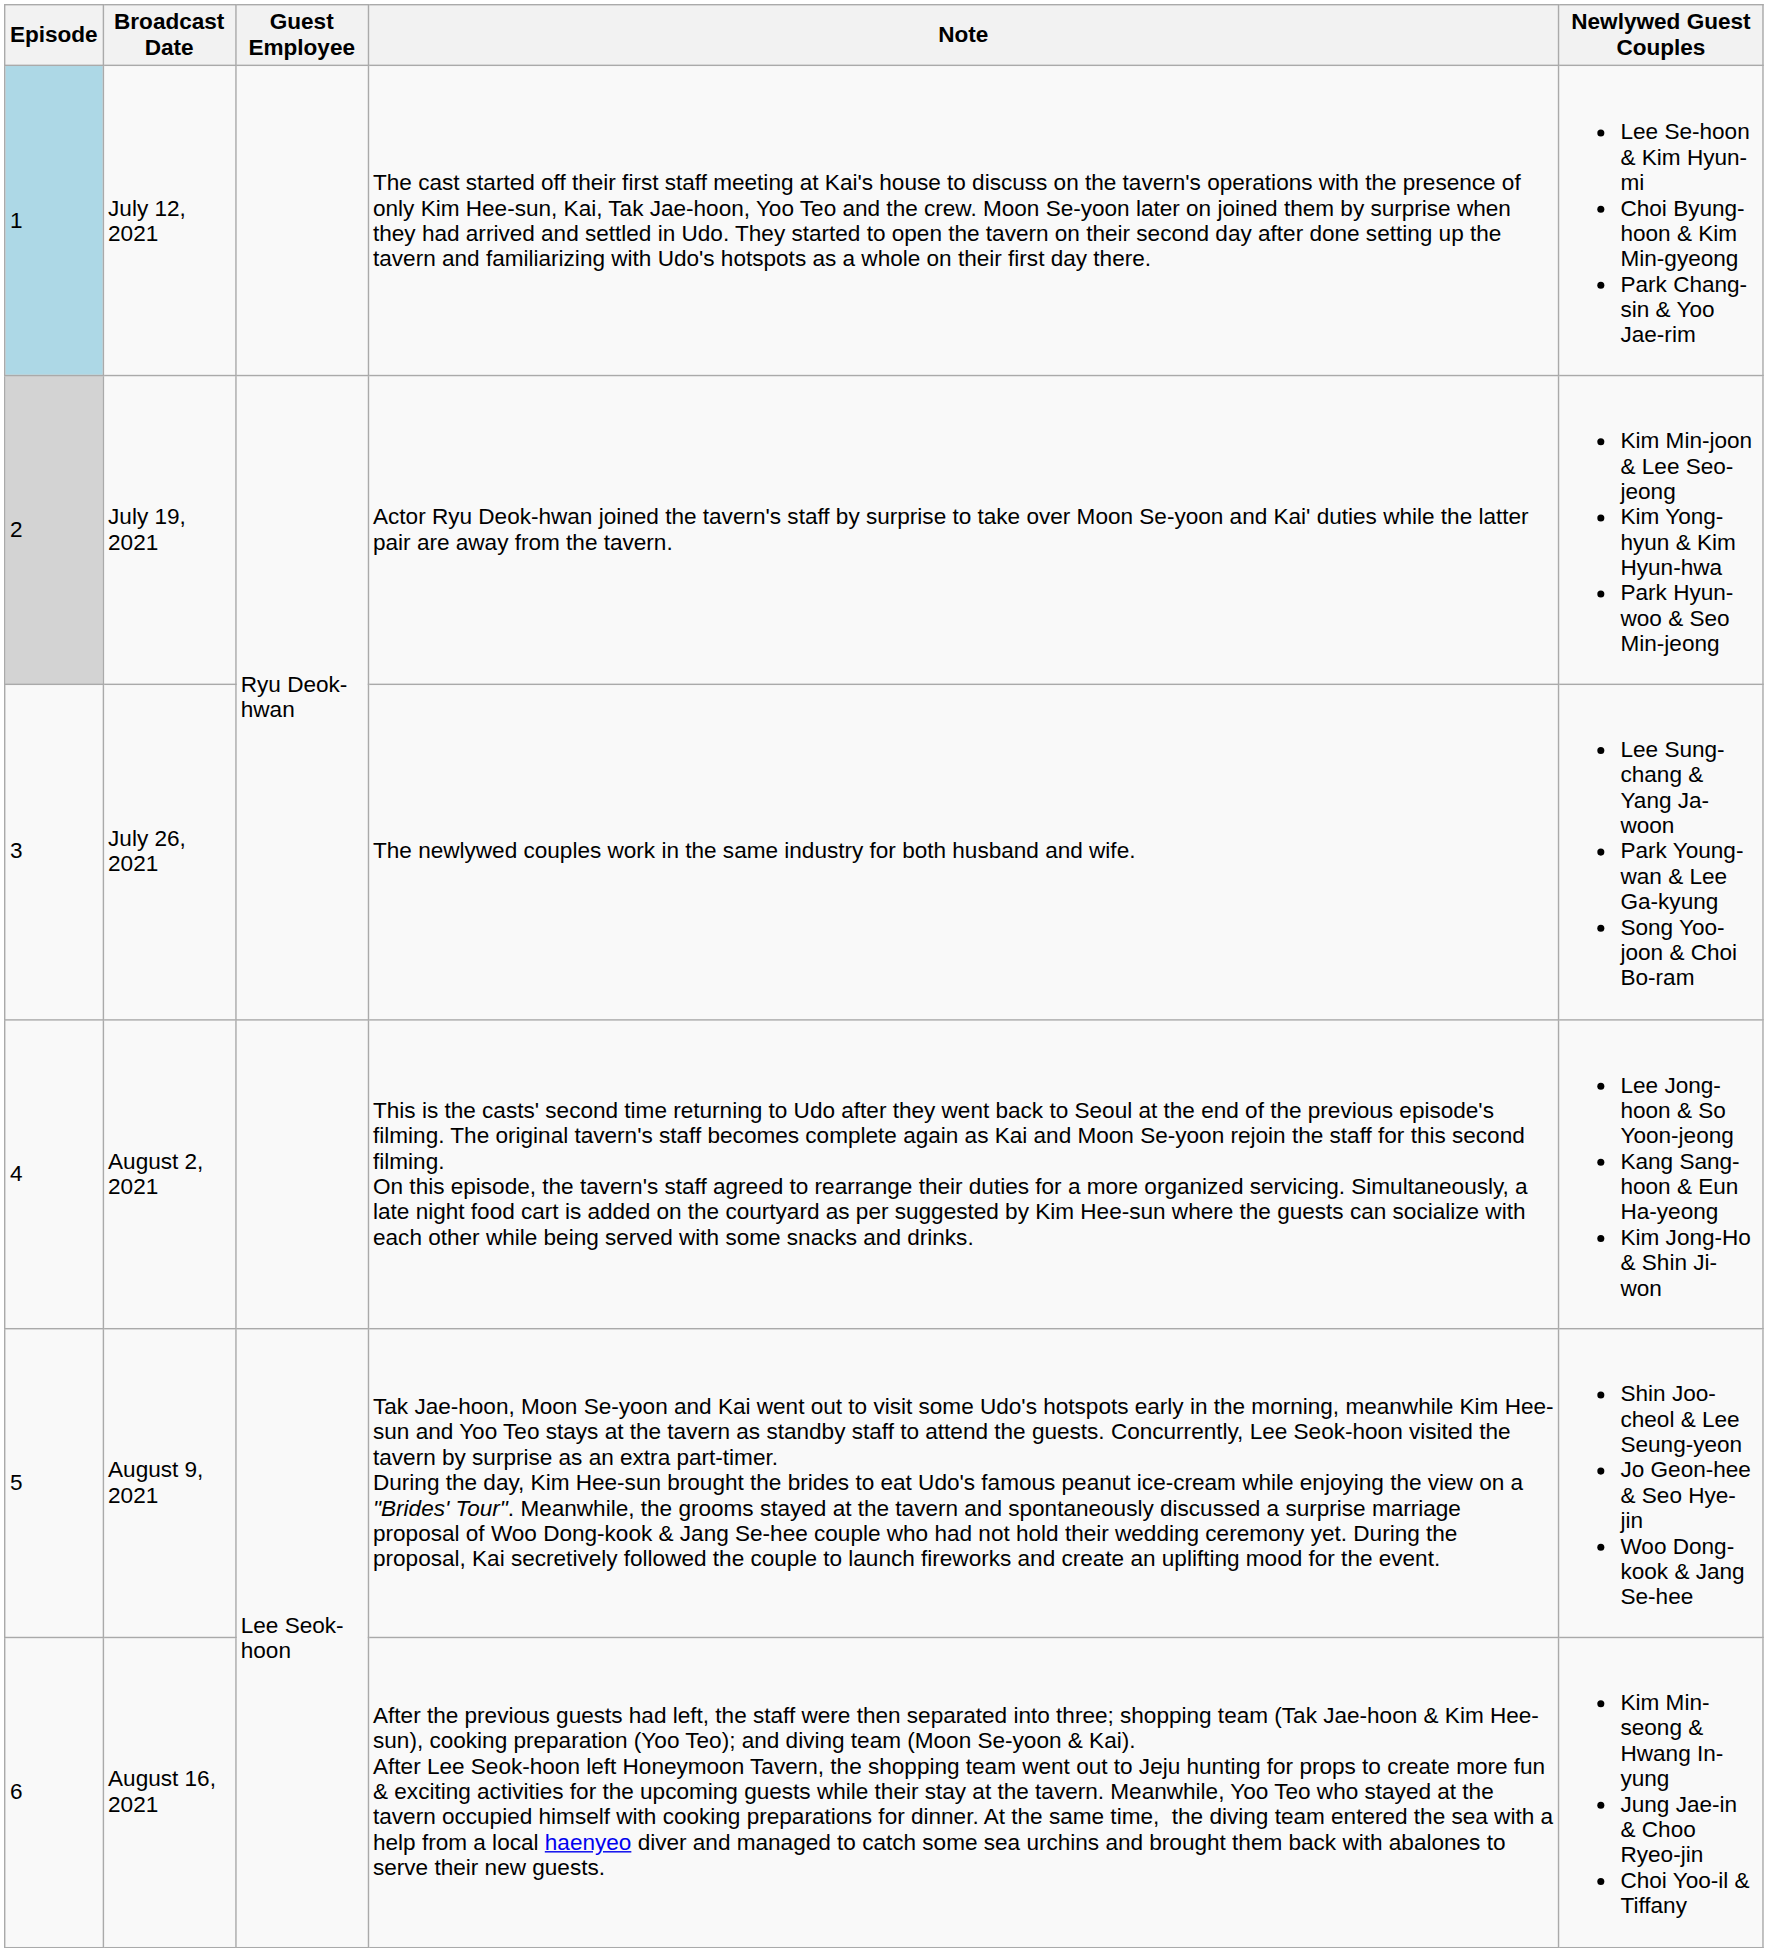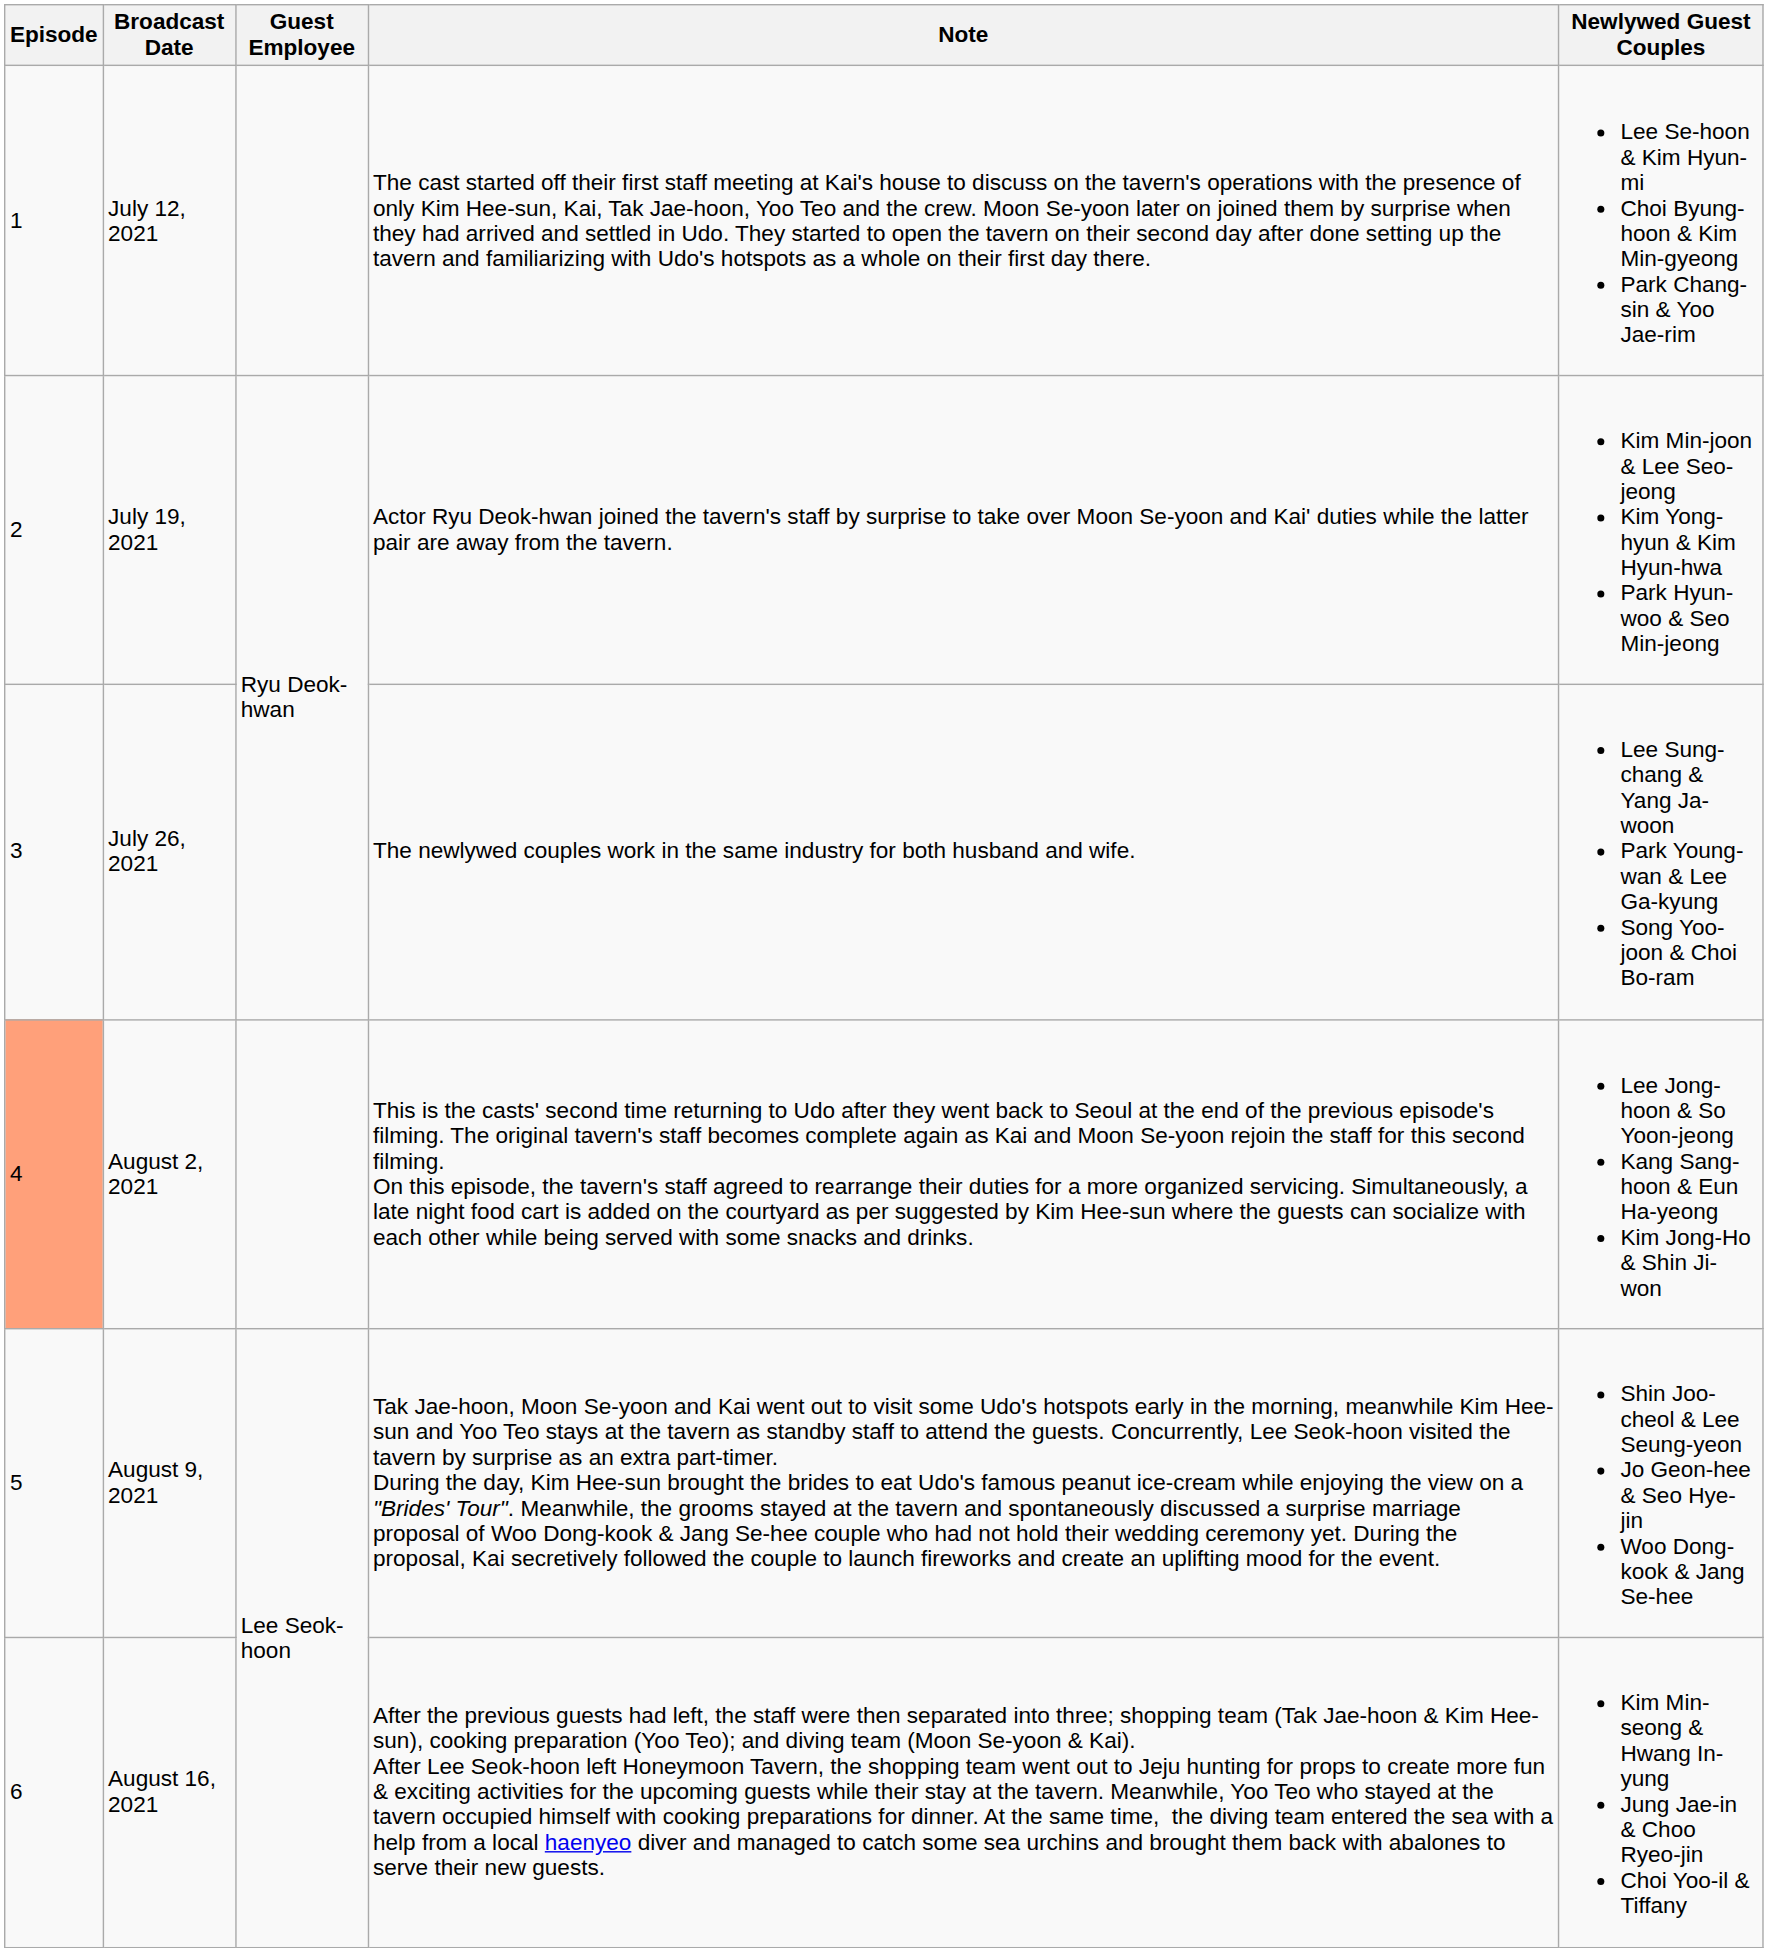 <table class="wikitable sortable mw-collapsible">
 <tr>
 <th>Episode</th>
 <th>Broadcast Date</th>
 <th>Guest Employee</th>
 <th>Note</th>
 <th>Newlywed Guest Couples</th>
 </tr>
 <tr>
-<td style="background: lightblue;">1</td>
+<td>1</td>
 <td>July 12, 2021</td>
 <td></td>
 <td>The cast started off their first staff meeting at Kai's house to discuss on the tavern's operations with the presence of only Kim Hee-sun, Kai, Tak Jae-hoon, Yoo Teo and the crew.  Moon Se-yoon later on joined them by surprise when they had arrived and settled in Udo. They started to open the tavern on their second day after done setting up the tavern and familiarizing with Udo's hotspots as a whole on their first day there.</td>
 <td><br><ul><li>Lee Se-hoon & Kim Hyun-mi</li><li>Choi Byung-hoon & Kim Min-gyeong</li><li>Park Chang-sin & Yoo Jae-rim</li></ul></td>
 </tr>
 <tr>
-<td style="background: lightgrey;">2</td>
+<td>2</td>
 <td>July 19, 2021</td>
 <td rowspan="2">Ryu Deok-hwan</td>
 <td>Actor Ryu Deok-hwan joined the tavern's staff by surprise to take over Moon Se-yoon and Kai' duties while the latter pair are away from the tavern.</td>
 <td><br><ul><li>Kim Min-joon & Lee Seo-jeong</li><li>Kim Yong-hyun & Kim Hyun-hwa</li><li>Park Hyun-woo & Seo Min-jeong</li></ul></td>
 </tr>
 <tr>
 <td>3</td>
 <td>July 26, 2021</td>
 <td>The newlywed couples work in the same industry for both husband and wife.</td>
 <td><br><ul><li>Lee Sung-chang & Yang Ja-woon</li><li>Park Young-wan & Lee Ga-kyung</li><li>Song Yoo-joon & Choi Bo-ram</li></ul></td>
 </tr>
 <tr>
-<td>4</td>
+<td style="background: lightsalmon;">4</td>
 <td>August 2, 2021</td>
 <td></td>
 <td>This is the casts' second time returning to Udo after they went back to Seoul at the end of the previous episode's filming. The original tavern's staff becomes complete again as Kai and Moon Se-yoon rejoin the staff for this second filming.<br>On this episode, the tavern's staff agreed to rearrange their duties for a more organized servicing. Simultaneously, a late night food cart is added on the courtyard as per suggested by Kim Hee-sun where the guests can socialize with each other while being served with some snacks and drinks.</td>
 <td><br><ul><li>Lee Jong-hoon & So Yoon-jeong</li><li>Kang Sang-hoon & Eun Ha-yeong</li><li>Kim Jong-Ho & Shin Ji-won</li></ul></td>
 </tr>
 <tr>
 <td>5</td>
 <td>August 9, 2021</td>
 <td rowspan="2">Lee Seok-hoon</td>
 <td>Tak Jae-hoon, Moon Se-yoon and Kai went out to visit some Udo's hotspots early in the morning, meanwhile Kim Hee-sun and Yoo Teo stays at the tavern as standby staff to attend the guests. Concurrently, Lee Seok-hoon visited the tavern by surprise as an extra part-timer.<br>During the day, Kim Hee-sun brought the brides to eat Udo's famous peanut ice-cream while enjoying the view  on a <em>"Brides' Tour"</em>. Meanwhile, the grooms stayed at the tavern and spontaneously discussed a surprise marriage proposal of Woo Dong-kook & Jang Se-hee couple who had not hold their wedding ceremony yet. During the proposal, Kai secretively followed the couple to launch fireworks and create an uplifting mood for the event.</td>
 <td><br><ul><li>Shin Joo-cheol & Lee Seung-yeon</li><li>Jo Geon-hee & Seo Hye-jin</li><li>Woo Dong-kook & Jang Se-hee</li></ul></td>
 </tr>
 <tr>
 <td>6</td>
 <td>August 16, 2021</td>
 <td>After the previous guests had left, the staff were then separated into three; shopping team (Tak Jae-hoon & Kim Hee-sun), cooking preparation (Yoo Teo); and diving team (Moon Se-yoon & Kai).<br>After Lee Seok-hoon left Honeymoon Tavern, the shopping team went out to Jeju hunting for props to create more fun & exciting activities for the upcoming guests while their stay at the tavern. Meanwhile, Yoo Teo who stayed at the tavern occupied himself with cooking preparations for dinner. At the same time,  the diving team entered the sea with a help from a local <a href='#'>haenyeo</a> diver and managed to catch some sea urchins and brought them back with abalones to serve their new guests.</td>
 <td><br><ul><li>Kim Min-seong & Hwang In-yung</li><li>Jung Jae-in & Choo Ryeo-jin</li><li>Choi Yoo-il & Tiffany</li></ul></td>
 </tr>
 </table>
